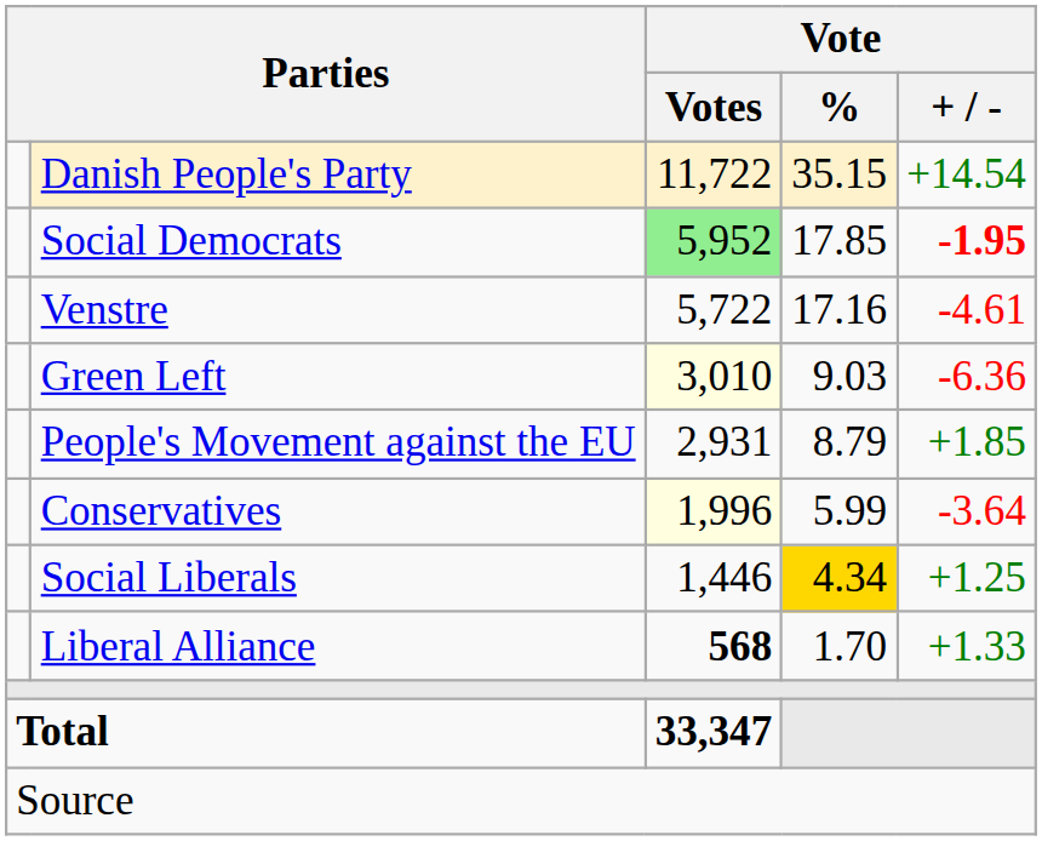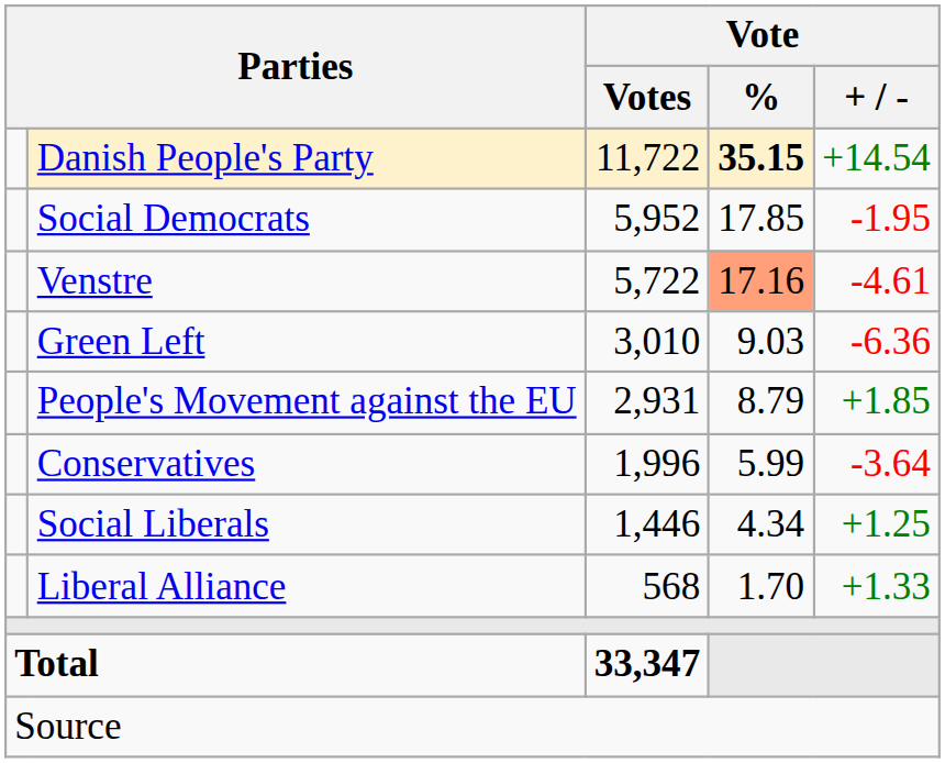 <table class="wikitable" style="text-align:right;">
 <tr>
 <th style="text-align:centre;" rowspan="2" colspan="2" width="225">Parties</th>
 <th colspan="3">Vote</th>
 </tr>
 <tr>
 <th width="15">Votes</th>
 <th width="15">%</th>
 <th width="15">+ / -</th>
 </tr>
 <tr>
 <td width="2" style="color:inherit;background:"></td>
 <td bgcolor=#fef2cc   align="left"><a href='#'>Danish People's Party</a></td>
 <td bgcolor=#fef2cc>11,722</td>
-<td bgcolor=#fef2cc>35.15</td>
+<td bgcolor=#fef2cc><strong>35.15</strong></td>
 <td style=color:green;>+14.54</td>
 </tr>
 <tr>
 <td width="2" style="color:inherit;background:"></td>
 <td align="left"><a href='#'>Social Democrats</a></td>
-<td style="background: lightgreen;">5,952</td>
+<td>5,952</td>
 <td>17.85</td>
-<td style=color:red;><strong>-1.95</strong></td>
+<td style=color:red;>-1.95</td>
 </tr>
 <tr>
 <td width="2" style="color:inherit;background:"></td>
 <td align="left"><a href='#'>Venstre</a></td>
 <td>5,722</td>
-<td>17.16</td>
+<td style="background: lightsalmon;">17.16</td>
 <td style=color:red;>-4.61</td>
 </tr>
 <tr>
 <td width="2" style="color:inherit;background:"></td>
 <td align="left"><a href='#'>Green Left</a></td>
-<td style="background: lightyellow;">3,010</td>
+<td>3,010</td>
 <td>9.03</td>
 <td style=color:red;>-6.36</td>
 </tr>
 <tr>
 <td width="2" style="color:inherit;background:"></td>
 <td align="left"><a href='#'>People's Movement against the EU</a></td>
 <td>2,931</td>
 <td>8.79</td>
 <td style=color:green;>+1.85</td>
 </tr>
 <tr>
 <td width="2" style="color:inherit;background:"></td>
 <td align="left"><a href='#'>Conservatives</a></td>
-<td style="background: lightyellow;">1,996</td>
+<td>1,996</td>
 <td>5.99</td>
 <td style=color:red;>-3.64</td>
 </tr>
 <tr>
 <td width="2" style="color:inherit;background:"></td>
 <td align="left"><a href='#'>Social Liberals</a></td>
 <td>1,446</td>
-<td style="background: gold;">4.34</td>
+<td>4.34</td>
 <td style=color:green;>+1.25</td>
 </tr>
 <tr>
 <td width="2" style="color:inherit;background:"></td>
 <td align="left"><a href='#'>Liberal Alliance</a></td>
-<td><strong>568</strong></td>
+<td>568</td>
 <td>1.70</td>
 <td style=color:green;>+1.33</td>
 </tr>
 <tr>
 <td colspan="7" bgcolor="#E9E9E9"></td>
 </tr>
 <tr>
 <td align="left" colspan="2"><strong>Total</strong></td>
 <td><strong>33,347</strong></td>
 <td bgcolor="#E9E9E9" colspan="2"></td>
 </tr>
 <tr>
 <td align="left" colspan="6">Source</td>
 </tr>
 </table>
